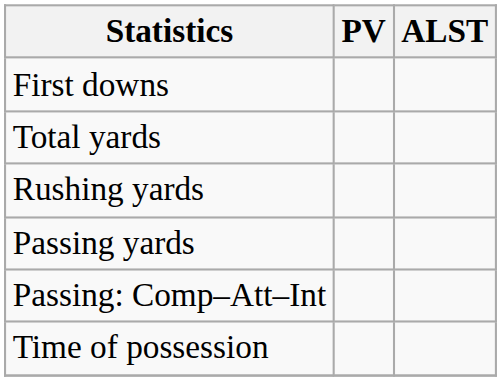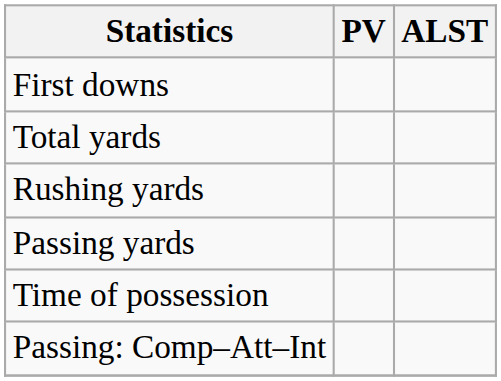 <table class="wikitable" style="float: left;">
 <tr>
 <th>Statistics</th>
 <th>PV</th>
 <th>ALST</th>
 </tr>
 <tr>
 <td>First downs</td>
 <td></td>
 <td></td>
 </tr>
 <tr>
 <td>Total yards</td>
 <td></td>
 <td></td>
 </tr>
 <tr>
 <td>Rushing yards</td>
 <td></td>
 <td></td>
 </tr>
 <tr>
 <td>Passing yards</td>
 <td></td>
 <td></td>
 </tr>
 <tr>
-<td>Passing: Comp–Att–Int</td>
+<td>Time of possession</td>
 <td></td>
 <td></td>
 </tr>
 <tr>
-<td>Time of possession</td>
+<td>Passing: Comp–Att–Int</td>
 <td></td>
 <td></td>
 </tr>
 <tr>
 </tr>
 </table>
